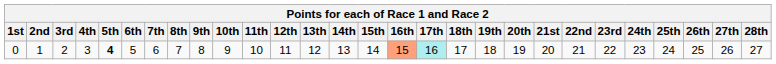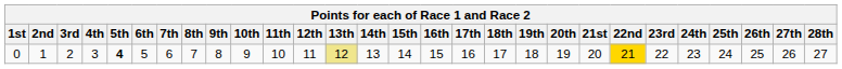 <table class="wikitable" style="font-size: 85%">
 <tr>
 <th colspan="28">Points for each of Race 1 and Race 2</th>
 </tr>
 <tr>
 <th>1st</th>
 <th>2nd</th>
 <th>3rd</th>
 <th>4th</th>
 <th>5th</th>
 <th>6th</th>
 <th>7th</th>
 <th>8th</th>
 <th>9th</th>
 <th>10th</th>
 <th>11th</th>
 <th>12th</th>
 <th>13th</th>
 <th>14th</th>
 <th>15th</th>
 <th>16th</th>
 <th>17th</th>
 <th>18th</th>
 <th>19th</th>
 <th>20th</th>
 <th>21st</th>
 <th>22nd</th>
 <th>23rd</th>
 <th>24th</th>
 <th>25th</th>
 <th>26th</th>
 <th>27th</th>
 <th>28th</th>
 </tr>
 <tr align="center">
 <td>0</td>
 <td>1</td>
 <td>2</td>
 <td>3</td>
 <td><strong>4</strong></td>
 <td>5</td>
 <td>6</td>
 <td>7</td>
 <td>8</td>
 <td>9</td>
 <td>10</td>
 <td>11</td>
-<td>12</td>
+<td style="background: khaki;">12</td>
 <td>13</td>
 <td>14</td>
-<td style="background: lightsalmon;">15</td>
-<td style="background: paleturquoise;">16</td>
+<td>15</td>
+<td>16</td>
 <td>17</td>
 <td>18</td>
 <td>19</td>
 <td>20</td>
-<td>21</td>
+<td style="background: gold;">21</td>
 <td>22</td>
 <td>23</td>
 <td>24</td>
 <td>25</td>
 <td>26</td>
 <td>27</td>
 </tr>
 </table>
